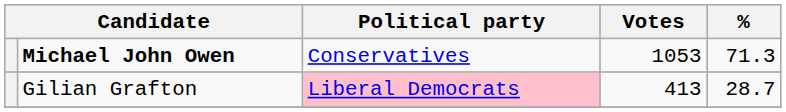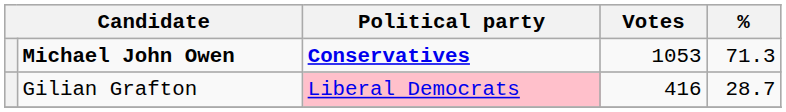 <table class="wikitable">
 <tr>
 <th valign=top colspan="2" style="width: 180px">Candidate</th>
 <th valign=top style="width: 180px">Political party</th>
 <th valign=top style="width: 60px">Votes</th>
 <th valign=top style="width: 40px">%</th>
 </tr>
 <tr>
 <th style="background-color: "></th>
 <td><strong>Michael John Owen</strong></td>
-<td><a href='#'>Conservatives</a></td>
+<td><strong><a href='#'>Conservatives</a></strong></td>
 <td align="right">1053</td>
 <td align="right">71.3</td>
 </tr>
 <tr>
 <th style="background-color: "></th>
 <td>Gilian Grafton</td>
 <td style="background: pink;"><a href='#'>Liberal Democrats</a></td>
-<td align="right">413</td>
+<td align="right">416</td>
 <td align="right">28.7</td>
 </tr>
 <tr>
 </tr>
 </table>
